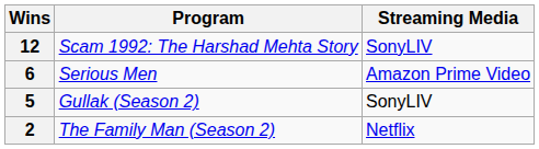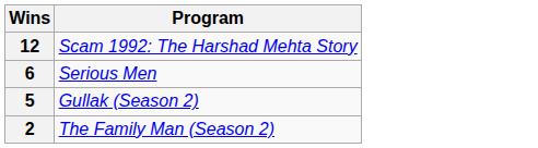 <table class="wikitable" style="display:inline-table;">
 <tr>
 <th>Wins</th>
 <th>Program</th>
-<th>Streaming Media</th>
 </tr>
 <tr>
 <th>12</th>
 <td><em><a href='#'>Scam 1992: The Harshad Mehta Story</a></em></td>
-<td><a href='#'>SonyLIV</a></td>
 </tr>
 <tr>
 <th>6</th>
 <td><em><a href='#'>Serious Men</a></em></td>
-<td><a href='#'>Amazon Prime Video</a></td>
 </tr>
 <tr>
 <th>5</th>
 <td><em><a href='#'>Gullak (Season 2)</a></em></td>
-<td>SonyLIV</td>
 </tr>
 <tr>
 <th>2</th>
 <td><em><a href='#'>The Family Man (Season 2)</a></em></td>
-<td><a href='#'>Netflix</a></td>
 </tr>
 </table>
